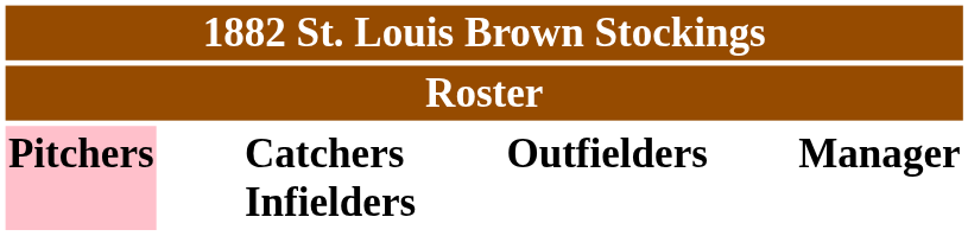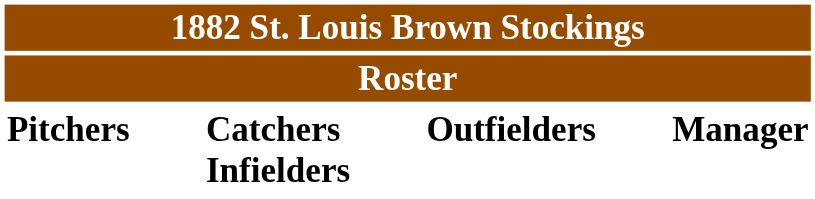 <table class="toccolours" style="font-size: 95%;">
 <tr>
 <th colspan="10" style="background-color: #964B00; color: white; text-align: center;">1882 St. Louis Brown Stockings</th>
 </tr>
 <tr>
 <td colspan="10" style="background-color: #964B00; color: white; text-align: center;"><strong>Roster</strong></td>
 </tr>
 <tr>
-<td valign="top" style="background: pink;"><strong>Pitchers</strong><br>     </td>
+<td valign="top"><strong>Pitchers</strong><br>     </td>
 <td width="25px"></td>
 <td valign="top"><strong>Catchers</strong><br>   <strong>Infielders</strong>       </td>
 <td width="25px"></td>
 <td valign="top"><strong>Outfielders</strong><br>     </td>
 <td width="25px"></td>
 <td valign="top"><strong>Manager</strong><br></td>
 </tr>
 </table>
